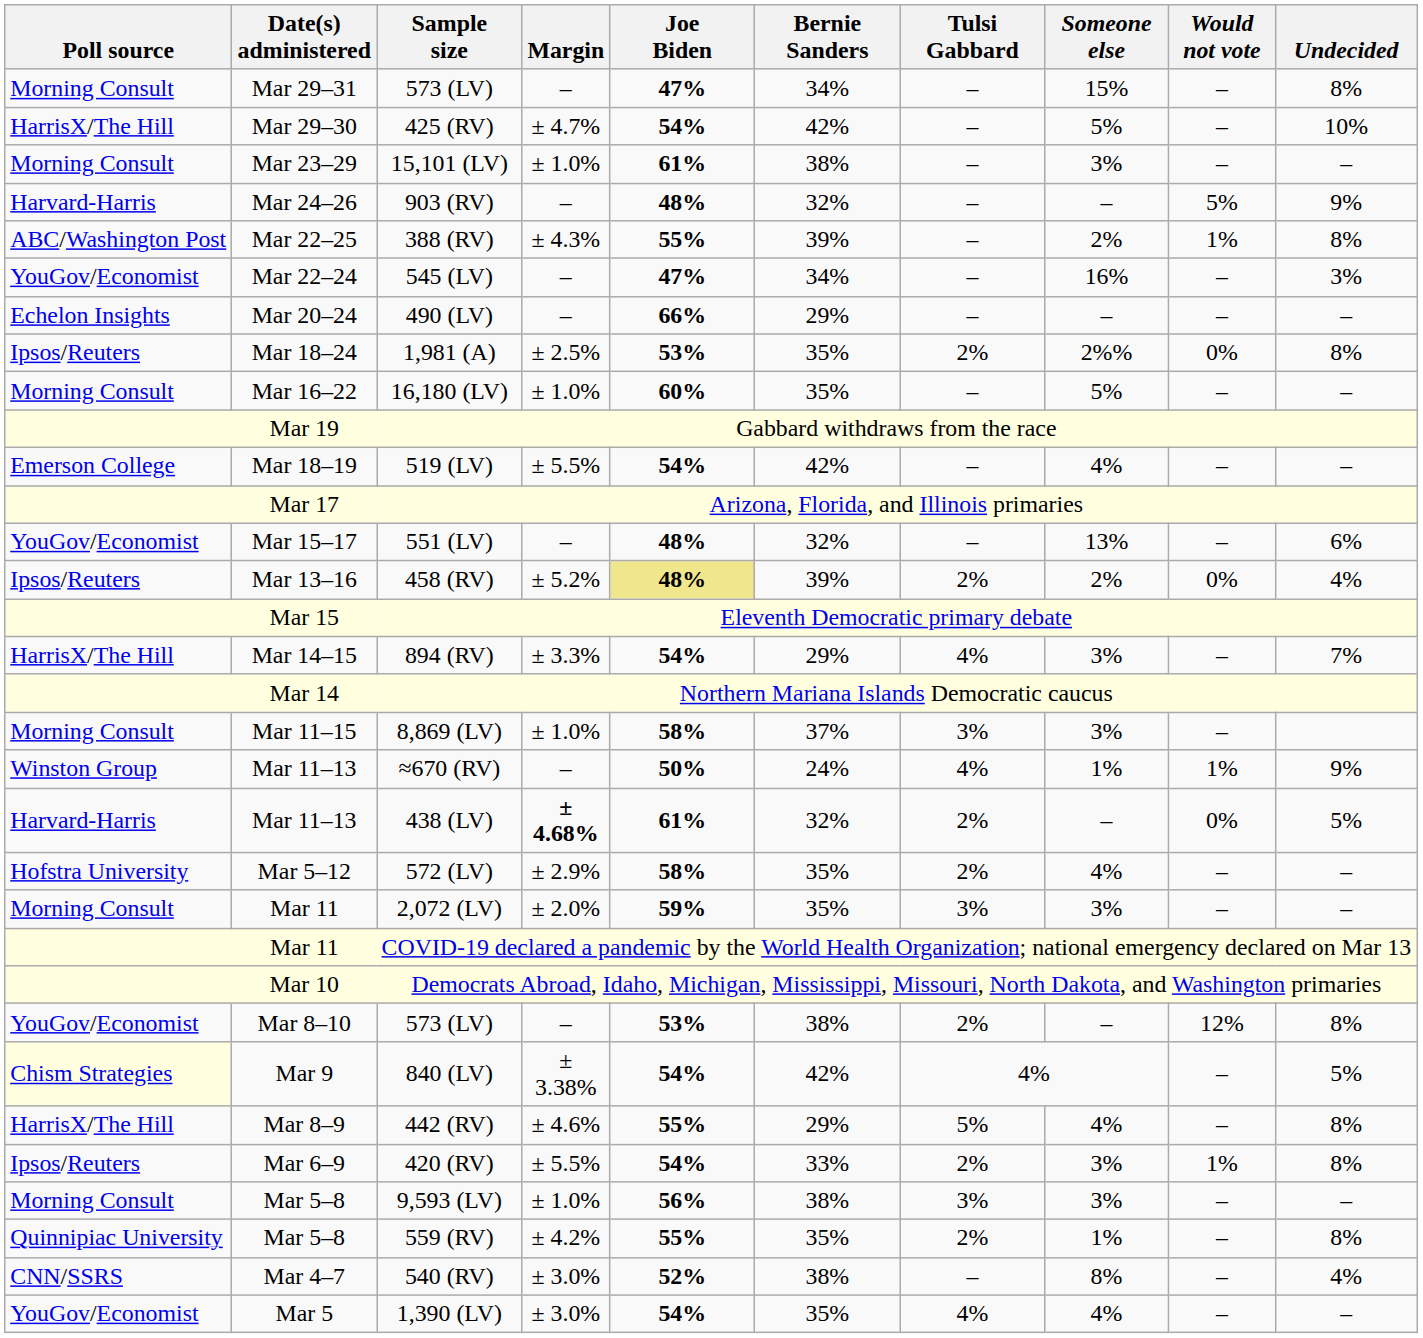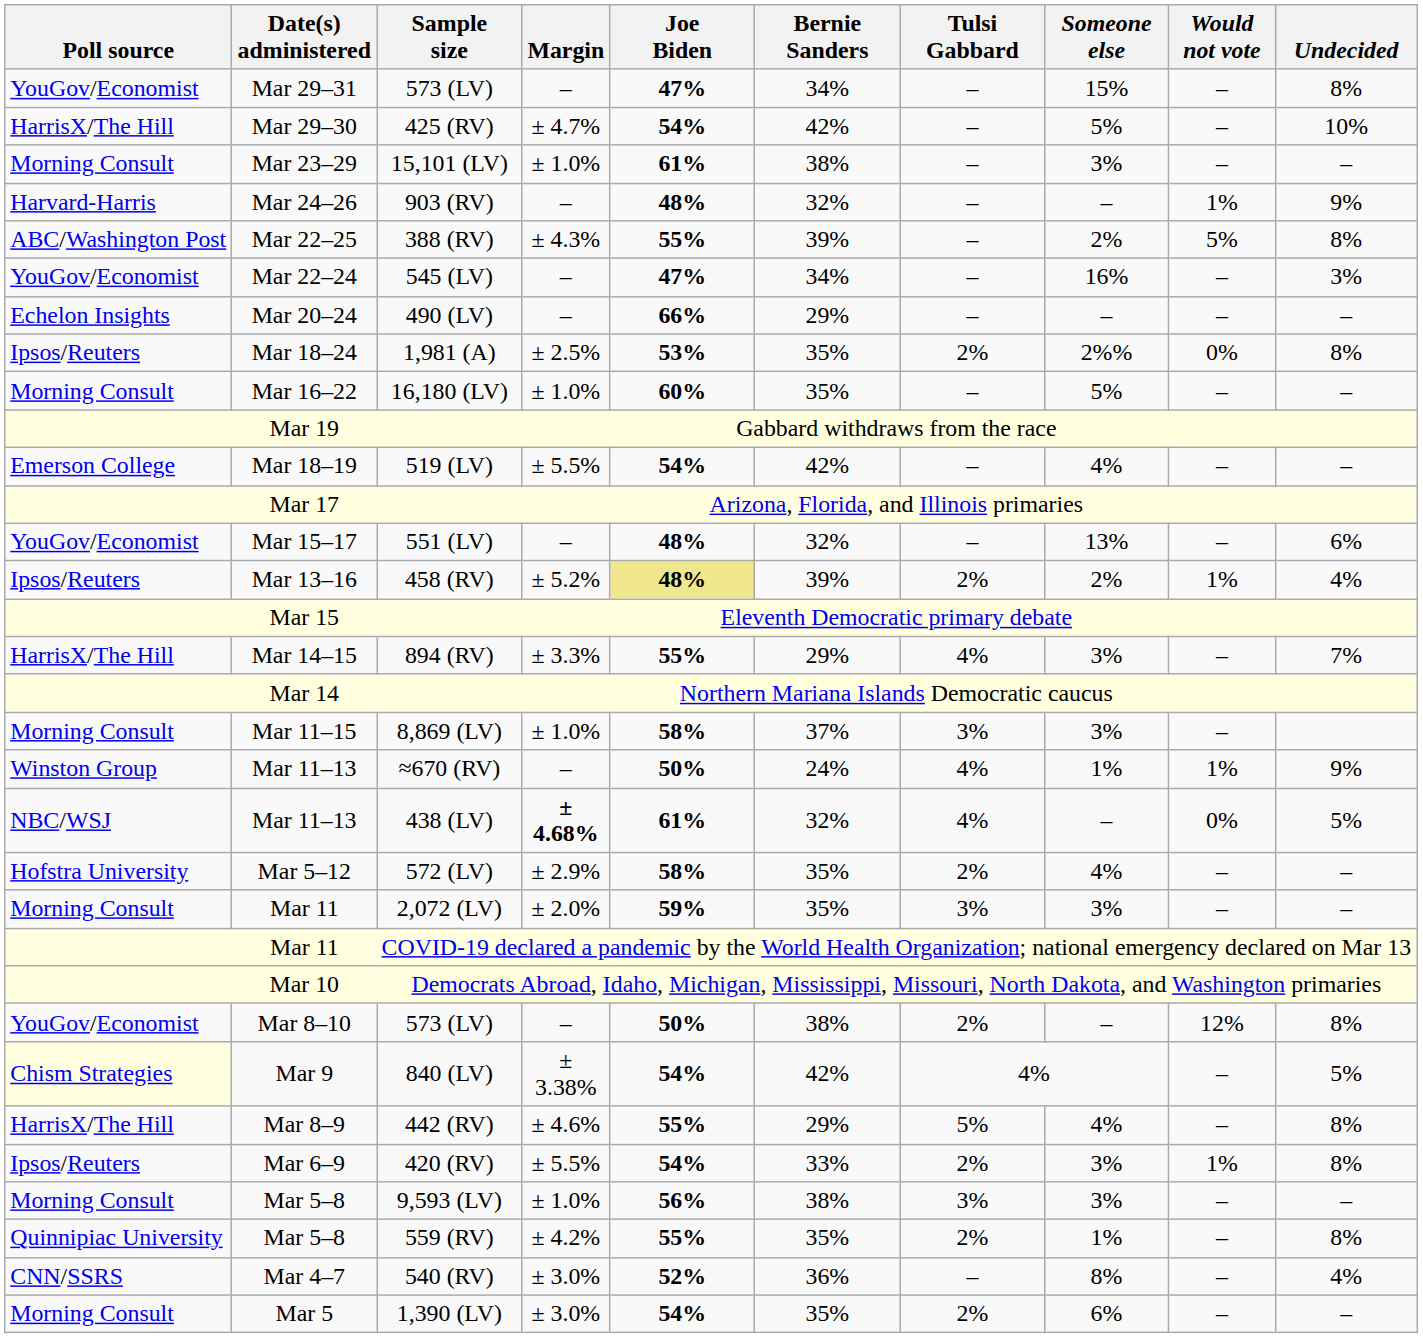 <table class="wikitable sortable" style="text-align:center;">
 <tr valign=bottom>
 <th>Poll source</th>
 <th style="width:90px;">Date(s)<br>administered</th>
 <th style="width:90px;">Sample<br>size</th>
 <th style="width:50px;">Margin<br></th>
 <th style="width:90px;">Joe <br> Biden</th>
 <th style="width:90px;">Bernie <br> Sanders</th>
 <th style="width:90px;">Tulsi <br> Gabbard</th>
 <th><em>Someone <br> else</em></th>
 <th><em>Would <br> not vote</em></th>
 <th><em>Undecided</em></th>
 </tr>
 <tr>
-<td style="text-align:left;"><a href='#'>Morning Consult</a></td>
+<td style="text-align:left;"><a href='#'>YouGov</a>/<a href='#'>Economist</a></td>
 <td>Mar 29–31</td>
 <td>573 (LV)</td>
 <td>–</td>
 <td><strong>47%</strong></td>
 <td>34%</td>
 <td>–</td>
 <td>15%</td>
 <td>–</td>
 <td>8%</td>
 </tr>
 <tr>
 <td style="text-align:left;"><a href='#'>HarrisX</a>/<a href='#'>The Hill</a></td>
 <td>Mar 29–30</td>
 <td>425 (RV)</td>
 <td>± 4.7%</td>
 <td><strong>54%</strong></td>
 <td>42%</td>
 <td>–</td>
 <td>5%</td>
 <td>–</td>
 <td>10%</td>
 </tr>
 <tr>
 <td style="text-align:left;"><a href='#'>Morning Consult</a></td>
 <td>Mar 23–29</td>
 <td>15,101 (LV)</td>
 <td>± 1.0%</td>
 <td><strong>61%</strong></td>
 <td>38%</td>
 <td>–</td>
 <td>3%</td>
 <td>–</td>
 <td>–</td>
 </tr>
 <tr>
 <td style="text-align:left;"><a href='#'>Harvard-Harris</a></td>
 <td>Mar 24–26</td>
 <td>903 (RV)</td>
 <td>–</td>
 <td><strong>48%</strong></td>
 <td>32%</td>
 <td>–</td>
 <td>–</td>
-<td>5%</td>
+<td>1%</td>
 <td>9%</td>
 </tr>
 <tr>
 <td style="text-align:left;"><a href='#'>ABC</a>/<a href='#'>Washington Post</a></td>
 <td>Mar 22–25</td>
 <td>388 (RV)</td>
 <td>± 4.3%</td>
 <td><strong>55%</strong></td>
 <td>39%</td>
 <td>–</td>
 <td>2%</td>
-<td>1%</td>
+<td>5%</td>
 <td>8%</td>
 </tr>
 <tr>
 <td style="text-align:left;"><a href='#'>YouGov</a>/<a href='#'>Economist</a></td>
 <td>Mar 22–24</td>
 <td>545 (LV)</td>
 <td>–</td>
 <td><strong>47%</strong></td>
 <td>34%</td>
 <td>–</td>
 <td>16%</td>
 <td>–</td>
 <td>3%</td>
 </tr>
 <tr>
 <td style="text-align:left;"><a href='#'>Echelon Insights</a></td>
 <td>Mar 20–24</td>
 <td>490 (LV)</td>
 <td>–</td>
 <td><strong>66%</strong></td>
 <td>29%</td>
 <td>–</td>
 <td>–</td>
 <td>–</td>
 <td>–</td>
 </tr>
 <tr>
 <td style="text-align:left;"><a href='#'>Ipsos</a>/<a href='#'>Reuters</a></td>
 <td>Mar 18–24</td>
 <td>1,981 (A)</td>
 <td>± 2.5%</td>
 <td><strong>53%</strong></td>
 <td>35%</td>
 <td>2%</td>
 <td>2%%</td>
 <td>0%</td>
 <td>8%</td>
 </tr>
 <tr>
 <td style="text-align:left;"><a href='#'>Morning Consult</a></td>
 <td>Mar 16–22</td>
 <td>16,180 (LV)</td>
 <td>± 1.0%</td>
 <td><strong>60%</strong></td>
 <td>35%</td>
 <td>–</td>
 <td>5%</td>
 <td>–</td>
 <td>–</td>
 </tr>
 <tr style="background:lightyellow;">
 <td style="border-right-style:hidden;"></td>
 <td style="border-right-style:hidden;">Mar 19</td>
 <td colspan="10">Gabbard withdraws from the race</td>
 </tr>
 <tr>
 <td style="text-align:left;"><a href='#'>Emerson College</a></td>
 <td>Mar 18–19</td>
 <td>519 (LV)</td>
 <td>± 5.5%</td>
 <td><strong>54%</strong></td>
 <td>42%</td>
 <td>–</td>
 <td>4%</td>
 <td>–</td>
 <td>–</td>
 </tr>
 <tr style="background:lightyellow;">
 <td style="border-right-style:hidden;"></td>
 <td style="border-right-style:hidden;">Mar 17</td>
 <td colspan="10"><a href='#'>Arizona</a>, <a href='#'>Florida</a>, and <a href='#'>Illinois</a> primaries</td>
 </tr>
 <tr>
 <td style="text-align:left;"><a href='#'>YouGov</a>/<a href='#'>Economist</a></td>
 <td>Mar 15–17</td>
 <td>551 (LV)</td>
 <td>–</td>
 <td><strong>48%</strong></td>
 <td>32%</td>
 <td>–</td>
 <td>13%</td>
 <td>–</td>
 <td>6%</td>
 </tr>
 <tr>
 <td style="text-align:left;"><a href='#'>Ipsos</a>/<a href='#'>Reuters</a></td>
 <td>Mar 13–16</td>
 <td>458 (RV)</td>
 <td>± 5.2%</td>
 <td style="background: khaki;"><strong>48%</strong></td>
 <td>39%</td>
 <td>2%</td>
 <td>2%</td>
-<td>0%</td>
+<td>1%</td>
 <td>4%</td>
 </tr>
 <tr style="background:lightyellow;">
 <td style="border-right-style:hidden;"></td>
 <td style="border-right-style:hidden;">Mar 15</td>
 <td colspan="10"><a href='#'>Eleventh Democratic primary debate</a></td>
 </tr>
 <tr>
 <td style="text-align:left;"><a href='#'>HarrisX</a>/<a href='#'>The Hill</a></td>
 <td>Mar 14–15</td>
 <td>894 (RV)</td>
 <td>± 3.3%</td>
-<td><strong>54%</strong></td>
+<td><strong>55%</strong></td>
 <td>29%</td>
 <td>4%</td>
 <td>3%</td>
 <td>–</td>
 <td>7%</td>
 </tr>
 <tr style="background:lightyellow;">
 <td style="border-right-style:hidden;"></td>
 <td style="border-right-style:hidden;">Mar 14</td>
 <td colspan="10"><a href='#'>Northern Mariana Islands</a> Democratic caucus</td>
 </tr>
 <tr>
 <td style="text-align:left;"><a href='#'>Morning Consult</a></td>
 <td>Mar 11–15</td>
 <td>8,869 (LV)</td>
 <td>± 1.0%</td>
 <td><strong>58%</strong></td>
 <td>37%</td>
 <td>3%</td>
 <td>3%</td>
 <td>–</td>
 </tr>
 <tr>
 <td style="text-align:left;"><a href='#'>Winston Group</a></td>
 <td>Mar 11–13</td>
 <td>≈670 (RV)</td>
 <td>–</td>
 <td><strong>50%</strong></td>
 <td>24%</td>
 <td>4%</td>
 <td>1%</td>
 <td>1%</td>
 <td>9%</td>
 </tr>
 <tr>
-<td style="text-align:left;"><a href='#'>Harvard-Harris</a></td>
+<td style="text-align:left;"><a href='#'>NBC</a>/<a href='#'>WSJ</a></td>
 <td>Mar 11–13</td>
 <td>438 (LV)</td>
 <td><strong>± 4.68%</strong></td>
 <td><strong>61%</strong></td>
 <td>32%</td>
-<td>2%</td>
+<td>4%</td>
 <td>–</td>
 <td>0%</td>
 <td>5%</td>
 </tr>
 <tr>
 <td style="text-align:left;"><a href='#'>Hofstra University</a></td>
 <td>Mar 5–12</td>
 <td>572 (LV)</td>
 <td>± 2.9%</td>
 <td><strong>58%</strong></td>
 <td>35%</td>
 <td>2%</td>
 <td>4%</td>
 <td>–</td>
 <td>–</td>
 </tr>
 <tr>
 <td style="text-align:left;"><a href='#'>Morning Consult</a></td>
 <td>Mar 11</td>
 <td>2,072 (LV)</td>
 <td>± 2.0%</td>
 <td><strong>59%</strong></td>
 <td>35%</td>
 <td>3%</td>
 <td>3%</td>
 <td>–</td>
 <td>–</td>
 </tr>
 <tr style="background:lightyellow;">
 <td style="border-right-style:hidden;"></td>
 <td style="border-right-style:hidden;">Mar 11</td>
 <td colspan="10"><a href='#'>COVID-19 declared a pandemic</a> by the <a href='#'>World Health Organization</a>; national emergency declared on Mar 13</td>
 </tr>
 <tr style="background:lightyellow;">
 <td style="border-right-style:hidden;"></td>
 <td style="border-right-style:hidden;">Mar 10</td>
 <td colspan="10"><a href='#'>Democrats Abroad</a>, <a href='#'>Idaho</a>, <a href='#'>Michigan</a>, <a href='#'>Mississippi</a>, <a href='#'>Missouri</a>, <a href='#'>North Dakota</a>, and <a href='#'>Washington</a> primaries</td>
 </tr>
 <tr>
 <td style="text-align:left;"><a href='#'>YouGov</a>/<a href='#'>Economist</a></td>
 <td>Mar 8–10</td>
 <td>573 (LV)</td>
 <td>–</td>
-<td><strong>53%</strong></td>
+<td><strong>50%</strong></td>
 <td>38%</td>
 <td>2%</td>
 <td>–</td>
 <td>12%</td>
 <td>8%</td>
 </tr>
 <tr>
 <td style="background: lightyellow; text-align:left;"><a href='#'>Chism Strategies</a></td>
 <td>Mar 9</td>
 <td>840 (LV)</td>
 <td>± 3.38%</td>
 <td><strong>54%</strong></td>
 <td>42%</td>
 <td colspan=2>4%</td>
 <td>–</td>
 <td>5%</td>
 </tr>
 <tr>
 <td style="text-align:left;"><a href='#'>HarrisX</a>/<a href='#'>The Hill</a></td>
 <td>Mar 8–9</td>
 <td>442 (RV)</td>
 <td>± 4.6%</td>
 <td><strong>55%</strong></td>
 <td>29%</td>
 <td>5%</td>
 <td>4%</td>
 <td>–</td>
 <td>8%</td>
 </tr>
 <tr>
 <td style="text-align:left;"><a href='#'>Ipsos</a>/<a href='#'>Reuters</a></td>
 <td>Mar 6–9</td>
 <td>420 (RV)</td>
 <td>± 5.5%</td>
 <td><strong>54%</strong></td>
 <td>33%</td>
 <td>2%</td>
 <td>3%</td>
 <td>1%</td>
 <td>8%</td>
 </tr>
 <tr>
 <td style="text-align:left;"><a href='#'>Morning Consult</a></td>
 <td>Mar 5–8</td>
 <td>9,593 (LV)</td>
 <td>± 1.0%</td>
 <td><strong>56%</strong></td>
 <td>38%</td>
 <td>3%</td>
 <td>3%</td>
 <td>–</td>
 <td>–</td>
 </tr>
 <tr>
 <td style="text-align:left;"><a href='#'>Quinnipiac University</a></td>
 <td>Mar 5–8</td>
 <td>559 (RV)</td>
 <td>± 4.2%</td>
 <td><strong>55%</strong></td>
 <td>35%</td>
 <td>2%</td>
 <td>1%</td>
 <td>–</td>
 <td>8%</td>
 </tr>
 <tr>
 <td style="text-align:left;"><a href='#'>CNN</a>/<a href='#'>SSRS</a></td>
 <td>Mar 4–7</td>
 <td>540 (RV)</td>
 <td>± 3.0%</td>
 <td><strong>52%</strong></td>
-<td>38%</td>
+<td>36%</td>
 <td>–</td>
 <td>8%</td>
 <td>–</td>
 <td>4%</td>
 </tr>
 <tr>
-<td style="text-align:left;"><a href='#'>YouGov</a>/<a href='#'>Economist</a></td>
+<td style="text-align:left;"><a href='#'>Morning Consult</a></td>
 <td>Mar 5</td>
 <td>1,390 (LV)</td>
 <td>± 3.0%</td>
 <td><strong>54%</strong></td>
 <td>35%</td>
-<td>4%</td>
-<td>4%</td>
+<td>2%</td>
+<td>6%</td>
 <td>–</td>
 <td>–</td>
 </tr>
 </table>
